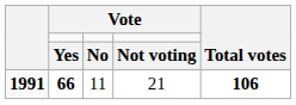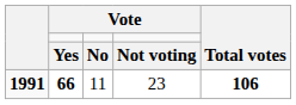 <table class=wikitable style="text-align:center">
 <tr style="vertical-align:bottom;">
 <th rowspan=3></th>
 <th colspan=3>Vote</th>
 <th rowspan=3>Total votes</th>
 </tr>
 <tr style="height:5px">
 <td style="background-color:"></td>
 <td style="background-color:"></td>
 <td style="background-color:"></td>
 </tr>
 <tr style="vertical-align:bottom;">
 <th>Yes</th>
 <th>No</th>
 <th>Not voting</th>
 </tr>
 <tr>
 <td><strong>1991</strong></td>
 <td style="background:#fff;"><strong>66</strong></td>
 <td style="background:#fff;">11</td>
-<td style="background:#fff;">21</td>
+<td style="background:#fff;">23</td>
 <td style="background:#fff;"><strong>106</strong></td>
 </tr>
 </table>
